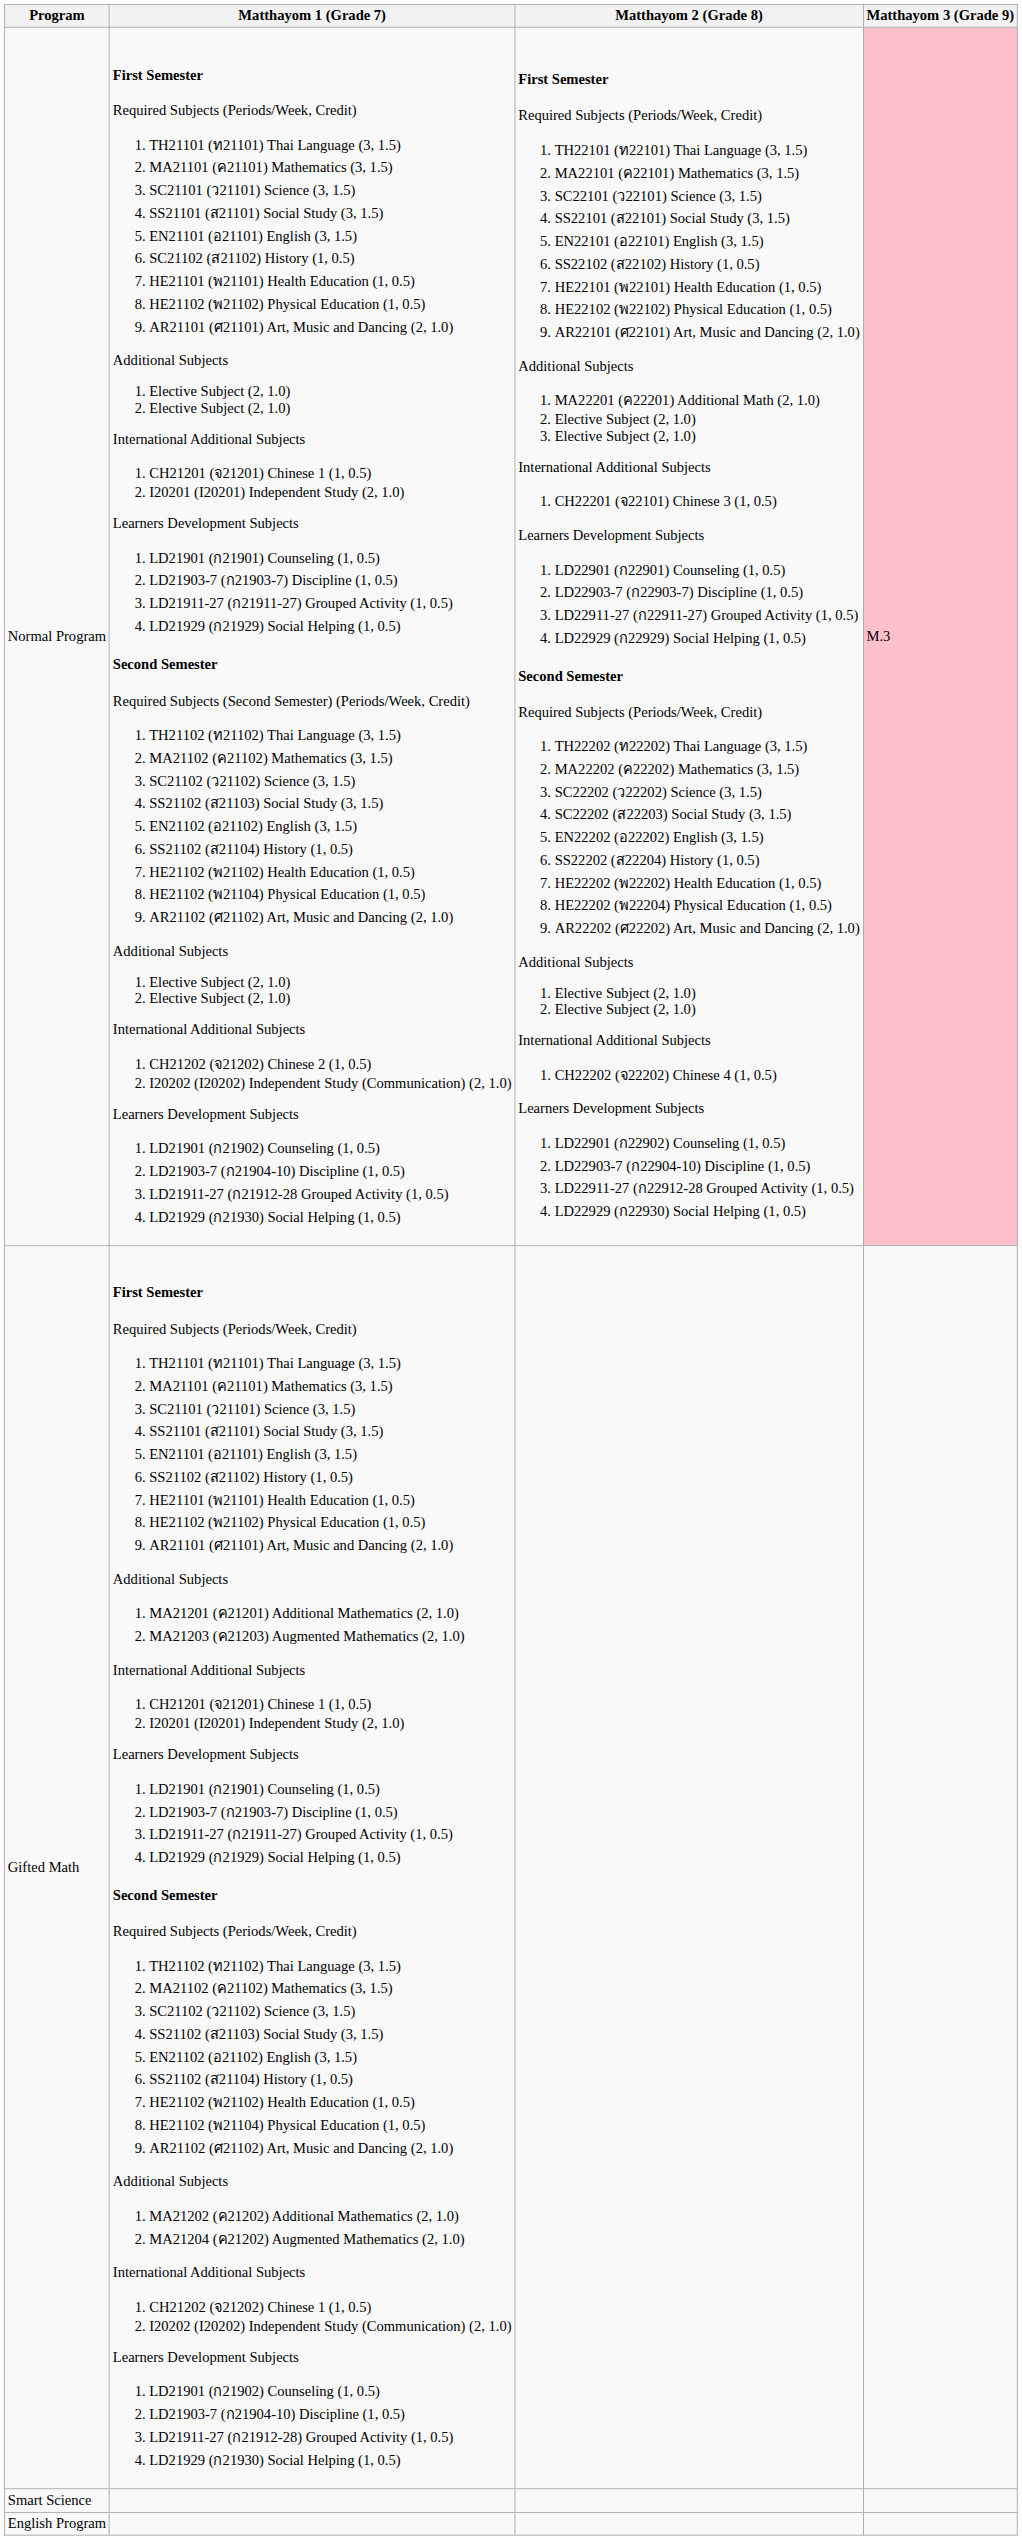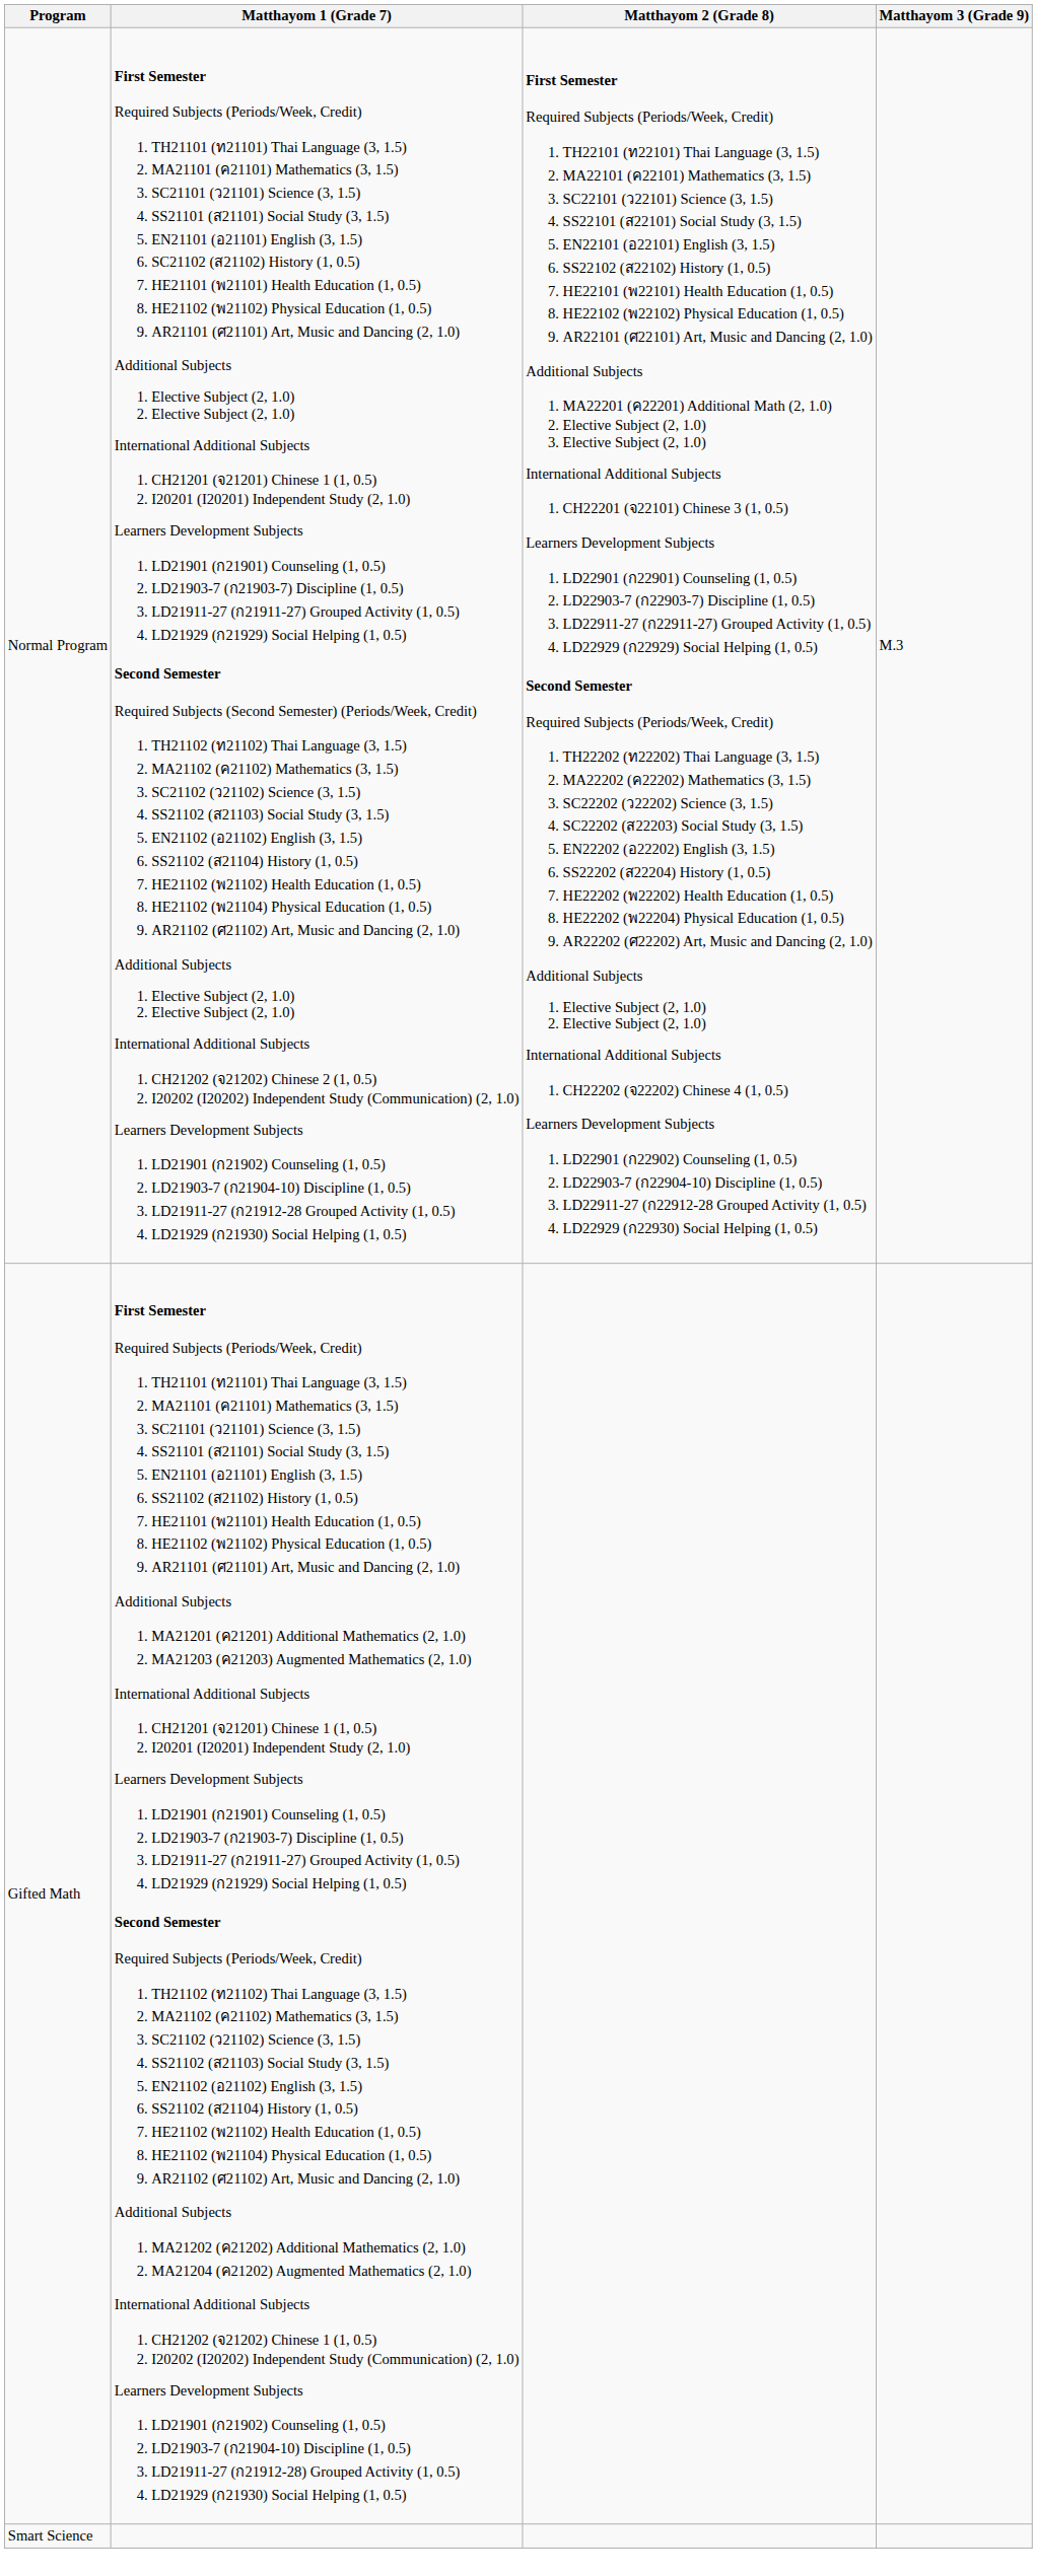 <table class="wikitable">
 <tr>
 <th>Program</th>
 <th>Matthayom 1 (Grade 7)</th>
 <th>Matthayom 2 (Grade 8)</th>
 <th>Matthayom 3 (Grade 9)</th>
 </tr>
 <tr>
 <td>Normal Program</td>
 <td><br><h4>First Semester</h4>Required Subjects  (Periods/Week, Credit)<ol><li>TH21101 (ท21101) Thai Language (3, 1.5)</li><li>MA21101 (ค21101) Mathematics (3, 1.5)</li><li>SC21101 (ว21101) Science (3, 1.5)</li><li>SS21101 (ส21101) Social Study (3, 1.5)</li><li>EN21101 (อ21101) English (3, 1.5)</li><li>SC21102 (ส21102) History (1, 0.5)</li><li>HE21101 (พ21101) Health Education (1, 0.5)</li><li>HE21102 (พ21102) Physical Education (1, 0.5)</li><li>AR21101 (ศ21101) Art, Music and Dancing (2, 1.0)</li></ol>Additional Subjects<ol><li>Elective Subject (2, 1.0)</li><li>Elective Subject (2, 1.0)</li></ol>International Additional Subjects<ol><li>CH21201 (จ21201) Chinese 1 (1, 0.5)</li><li>I20201 (I20201) Independent Study (2, 1.0)</li></ol>Learners Development Subjects<ol><li>LD21901 (ก21901) Counseling (1, 0.5)</li><li>LD21903-7 (ก21903-7) Discipline (1, 0.5)</li><li>LD21911-27 (ก21911-27) Grouped Activity (1, 0.5)</li><li>LD21929 (ก21929) Social Helping (1, 0.5)</li></ol><h4>Second Semester</h4>Required Subjects (Second Semester) (Periods/Week, Credit)<ol><li>TH21102 (ท21102) Thai Language (3, 1.5)</li><li>MA21102 (ค21102) Mathematics (3, 1.5)</li><li>SC21102 (ว21102) Science (3, 1.5)</li><li>SS21102 (ส21103) Social Study (3, 1.5)</li><li>EN21102 (อ21102) English (3, 1.5)</li><li>SS21102 (ส21104) History (1, 0.5)</li><li>HE21102 (พ21102) Health Education (1, 0.5)</li><li>HE21102 (พ21104) Physical Education (1, 0.5)</li><li>AR21102 (ศ21102) Art, Music and Dancing (2, 1.0)</li></ol>Additional Subjects<ol><li>Elective Subject (2, 1.0)</li><li>Elective Subject (2, 1.0)</li></ol>International Additional Subjects<ol><li>CH21202 (จ21202) Chinese 2 (1, 0.5)</li><li>I20202 (I20202) Independent Study (Communication) (2, 1.0)</li></ol>Learners Development Subjects<ol><li>LD21901 (ก21902) Counseling (1, 0.5)</li><li>LD21903-7 (ก21904-10) Discipline (1, 0.5)</li><li>LD21911-27 (ก21912-28 Grouped Activity (1, 0.5)</li><li>LD21929 (ก21930) Social Helping (1, 0.5)</li></ol></td>
 <td><br><h4>First Semester</h4>Required Subjects  (Periods/Week, Credit)<ol><li>TH22101 (ท22101) Thai Language (3, 1.5)</li><li>MA22101 (ค22101) Mathematics (3, 1.5)</li><li>SC22101 (ว22101) Science (3, 1.5)</li><li>SS22101 (ส22101) Social Study (3, 1.5)</li><li>EN22101 (อ22101) English (3, 1.5)</li><li>SS22102 (ส22102) History (1, 0.5)</li><li>HE22101 (พ22101) Health Education (1, 0.5)</li><li>HE22102 (พ22102) Physical Education (1, 0.5)</li><li>AR22101 (ศ22101) Art, Music and Dancing (2, 1.0)</li></ol>Additional Subjects<ol><li>MA22201 (ค22201) Additional Math (2, 1.0)</li><li>Elective Subject (2, 1.0)</li><li>Elective Subject (2, 1.0)</li></ol>International Additional Subjects<ol><li>CH22201 (จ22101) Chinese 3 (1, 0.5)</li></ol>Learners Development Subjects<ol><li>LD22901 (ก22901) Counseling (1, 0.5)</li><li>LD22903-7 (ก22903-7) Discipline (1, 0.5)</li><li>LD22911-27 (ก22911-27) Grouped Activity (1, 0.5)</li><li>LD22929 (ก22929) Social Helping (1, 0.5)</li></ol><h4>Second Semester</h4>Required Subjects (Periods/Week, Credit)<ol><li>TH22202 (ท22202) Thai Language (3, 1.5)</li><li>MA22202 (ค22202) Mathematics (3, 1.5)</li><li>SC22202 (ว22202) Science (3, 1.5)</li><li>SC22202 (ส22203) Social Study (3, 1.5)</li><li>EN22202 (อ22202) English (3, 1.5)</li><li>SS22202 (ส22204) History (1, 0.5)</li><li>HE22202 (พ22202) Health Education (1, 0.5)</li><li>HE22202 (พ22204) Physical Education (1, 0.5)</li><li>AR22202 (ศ22202) Art, Music and Dancing (2, 1.0)</li></ol>Additional Subjects<ol><li>Elective Subject (2, 1.0)</li><li>Elective Subject (2, 1.0)</li></ol>International Additional Subjects<ol><li>CH22202 (จ22202) Chinese 4 (1, 0.5)</li></ol>Learners Development Subjects<ol><li>LD22901 (ก22902) Counseling (1, 0.5)</li><li>LD22903-7 (ก22904-10) Discipline (1, 0.5)</li><li>LD22911-27 (ก22912-28 Grouped Activity (1, 0.5)</li><li>LD22929 (ก22930) Social Helping (1, 0.5)</li></ol></td>
-<td style="background: pink;">M.3<br></td>
+<td>M.3<br></td>
 </tr>
 <tr>
 <td>Gifted Math</td>
 <td><br><h4>First Semester</h4>Required Subjects  (Periods/Week, Credit)<ol><li>TH21101 (ท21101) Thai Language (3, 1.5)</li><li>MA21101 (ค21101) Mathematics (3, 1.5)</li><li>SC21101 (ว21101) Science (3, 1.5)</li><li>SS21101 (ส21101) Social Study (3, 1.5)</li><li>EN21101 (อ21101) English (3, 1.5)</li><li>SS21102 (ส21102) History (1, 0.5)</li><li>HE21101 (พ21101) Health Education (1, 0.5)</li><li>HE21102 (พ21102) Physical Education (1, 0.5)</li><li>AR21101 (ศ21101) Art, Music and Dancing (2, 1.0)</li></ol>Additional Subjects<ol><li>MA21201 (ค21201) Additional Mathematics (2, 1.0)</li><li>MA21203 (ค21203) Augmented Mathematics (2, 1.0)</li></ol>International Additional Subjects<ol><li>CH21201 (จ21201) Chinese 1 (1, 0.5)</li><li>I20201 (I20201) Independent Study (2, 1.0)</li></ol>Learners Development Subjects<ol><li>LD21901 (ก21901) Counseling (1, 0.5)</li><li>LD21903-7 (ก21903-7) Discipline (1, 0.5)</li><li>LD21911-27 (ก21911-27) Grouped Activity (1, 0.5)</li><li>LD21929 (ก21929) Social Helping (1, 0.5)</li></ol><h4>Second Semester</h4>Required Subjects (Periods/Week, Credit)<ol><li>TH21102 (ท21102) Thai Language (3, 1.5)</li><li>MA21102 (ค21102) Mathematics (3, 1.5)</li><li>SC21102 (ว21102) Science (3, 1.5)</li><li>SS21102 (ส21103) Social Study (3, 1.5)</li><li>EN21102 (อ21102) English (3, 1.5)</li><li>SS21102 (ส21104) History (1, 0.5)</li><li>HE21102 (พ21102) Health Education (1, 0.5)</li><li>HE21102 (พ21104) Physical Education (1, 0.5)</li><li>AR21102 (ศ21102) Art, Music and Dancing (2, 1.0)</li></ol>Additional Subjects<ol><li>MA21202 (ค21202) Additional Mathematics (2, 1.0)</li><li>MA21204 (ค21202) Augmented Mathematics (2, 1.0)</li></ol>International Additional Subjects<ol><li>CH21202 (จ21202) Chinese 1 (1, 0.5)</li><li>I20202 (I20202) Independent Study (Communication) (2, 1.0)</li></ol>Learners Development Subjects<ol><li>LD21901 (ก21902) Counseling (1, 0.5)</li><li>LD21903-7 (ก21904-10) Discipline (1, 0.5)</li><li>LD21911-27 (ก21912-28) Grouped Activity (1, 0.5)</li><li>LD21929 (ก21930) Social Helping (1, 0.5)</li></ol></td>
 <td></td>
 <td></td>
 </tr>
 <tr>
 <td>Smart Science</td>
 <td></td>
 <td></td>
 <td></td>
 </tr>
-<tr>
-<td>English Program</td>
-<td></td>
-<td></td>
-<td></td>
-</tr>
 </table>
